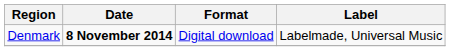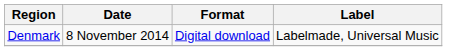 <table class=wikitable>
 <tr>
 <th>Region</th>
 <th>Date</th>
 <th>Format</th>
 <th>Label</th>
 </tr>
 <tr>
 <td><a href='#'>Denmark</a></td>
-<td><strong>8 November 2014</strong></td>
+<td>8 November 2014</td>
 <td><a href='#'>Digital download</a></td>
 <td>Labelmade, Universal Music</td>
 </tr>
 <tr>
 </tr>
 </table>
